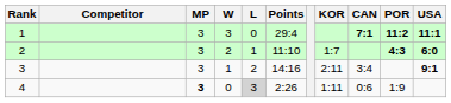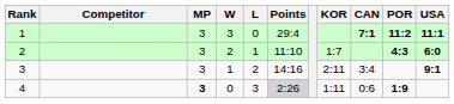 <table class="wikitable" style="text-align:center">
 <tr>
 <th>Rank</th>
 <th style="width:18em">Competitor</th>
 <th style="width:2.5em">MP</th>
 <th style="width:2.5em">W</th>
 <th style="width:2.5em">L</th>
 <th>Points</th>
 <th rowspan="5"> </th>
 <th style="width:2.5em">KOR</th>
 <th style="width:2.5em">CAN</th>
 <th style="width:2.5em">POR</th>
 <th style="width:2.5em">USA</th>
 </tr>
 <tr style="background:#cfc;">
 <td>1</td>
 <td style="text-align:left"><br></td>
 <td>3</td>
 <td>3</td>
 <td>0</td>
 <td>29:4</td>
 <td></td>
 <td><strong>7:1</strong></td>
 <td><strong>11:2</strong></td>
 <td><strong>11:1</strong></td>
 </tr>
 <tr style="background:#cfc;">
 <td>2</td>
 <td style="text-align:left"><br></td>
 <td>3</td>
 <td>2</td>
 <td>1</td>
 <td>11:10</td>
 <td>1:7</td>
 <td></td>
 <td><strong>4:3</strong></td>
 <td><strong>6:0</strong></td>
 </tr>
 <tr>
 <td>3</td>
 <td style="text-align:left"><br></td>
 <td>3</td>
 <td>1</td>
 <td>2</td>
 <td>14:16</td>
 <td>2:11</td>
 <td>3:4</td>
 <td></td>
 <td><strong>9:1</strong></td>
 </tr>
 <tr>
 <td>4</td>
 <td style="text-align:left"><br></td>
 <td><strong>3</strong></td>
 <td>0</td>
-<td style="background: lightgrey;">3</td>
-<td>2:26</td>
+<td>3</td>
+<td style="background: lightgrey;">2:26</td>
 <td>1:11</td>
 <td>0:6</td>
-<td>1:9</td>
+<td><strong>1:9</strong></td>
 <td></td>
 </tr>
 </table>
